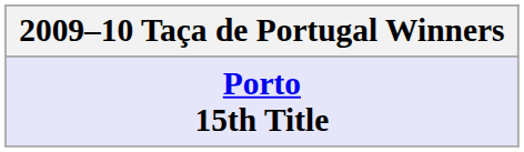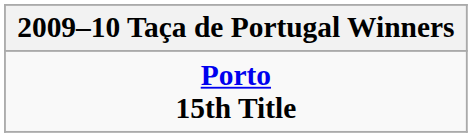 <table class="wikitable" style="text-align: center; margin: 0 auto; width: 20%">
 <tr>
 <th>2009–10 Taça de Portugal Winners</th>
 </tr>
 <tr>
-<td style="background: lavender;"><strong><a href='#'>Porto</a></strong><br><strong>15th Title</strong></td>
+<td><strong><a href='#'>Porto</a></strong><br><strong>15th Title</strong></td>
 </tr>
 </table>
